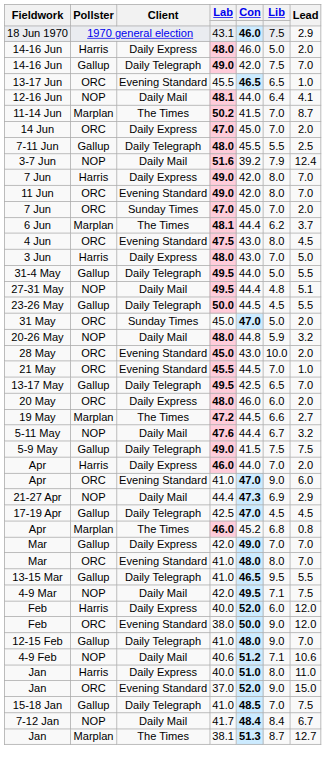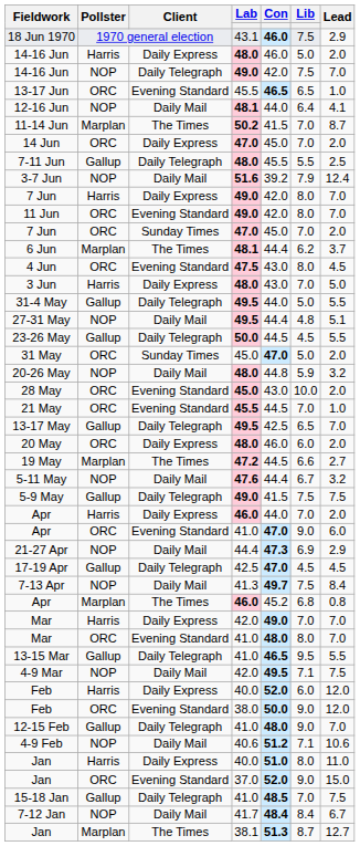 <table class="wikitable sortable mw-datatable" style="text-align: center; line-height: 14px; font-size: 90%;">
 <tr>
 <th rowspan="2">Fieldwork</th>
 <th rowspan="2">Pollster</th>
 <th rowspan="2">Client</th>
 <th><a href='#'>Lab</a></th>
 <th><a href='#'>Con</a></th>
 <th><a href='#'>Lib</a></th>
 <th rowspan="2">Lead</th>
 </tr>
 <tr>
 <th style="background:"></th>
 <th style="background:"></th>
 <th style="background:"></th>
 </tr>
 <tr>
 <td style="background:#EAECF0;">18 Jun 1970</td>
 <td colspan="2" style="background:#EAECF0;"><a href='#'>1970 general election</a></td>
 <td style="background:#EAECF0;">43.1</td>
 <td style="background:#CCEBFF;"><strong>46.0</strong></td>
 <td style="background:#EAECF0;">7.5</td>
 <td style="background:">2.9</td>
 </tr>
 <tr>
 <td>14-16 Jun</td>
 <td>Harris</td>
 <td>Daily Express</td>
 <td style="background:#FFCCDA;"><strong>48.0</strong></td>
 <td>46.0</td>
 <td>5.0</td>
 <td style="background:">2.0</td>
 </tr>
 <tr>
 <td>14-16 Jun</td>
-<td>Gallup</td>
+<td>NOP</td>
 <td>Daily Telegraph</td>
 <td style="background:#FFCCDA;"><strong>49.0</strong></td>
 <td>42.0</td>
 <td>7.5</td>
 <td style="background:">7.0</td>
 </tr>
 <tr>
 <td>13-17 Jun</td>
 <td>ORC</td>
 <td>Evening Standard</td>
 <td>45.5</td>
 <td style="background:#CCEBFF;"><strong>46.5</strong></td>
 <td>6.5</td>
 <td style="background:">1.0</td>
 </tr>
 <tr>
 <td>12-16 Jun</td>
 <td>NOP</td>
 <td>Daily Mail</td>
 <td style="background:#FFCCDA;"><strong>48.1</strong></td>
 <td>44.0</td>
 <td>6.4</td>
 <td style="background:">4.1</td>
 </tr>
 <tr>
 <td>11-14 Jun</td>
 <td>Marplan</td>
 <td>The Times</td>
 <td style="background:#FFCCDA;"><strong>50.2</strong></td>
 <td>41.5</td>
 <td>7.0</td>
 <td style="background:">8.7</td>
 </tr>
 <tr>
 <td>14 Jun</td>
 <td>ORC</td>
 <td>Daily Express</td>
 <td style="background:#FFCCDA;"><strong>47.0</strong></td>
 <td>45.0</td>
 <td>7.0</td>
 <td style="background:">2.0</td>
 </tr>
 <tr>
 <td>7-11 Jun</td>
 <td>Gallup</td>
 <td>Daily Telegraph</td>
 <td style="background:#FFCCDA;"><strong>48.0</strong></td>
 <td>45.5</td>
 <td>5.5</td>
 <td style="background:">2.5</td>
 </tr>
 <tr>
 <td>3-7 Jun</td>
 <td>NOP</td>
 <td>Daily Mail</td>
 <td style="background:#FFCCDA;"><strong>51.6</strong></td>
 <td>39.2</td>
 <td>7.9</td>
 <td style="background:">12.4</td>
 </tr>
 <tr>
 <td>7 Jun</td>
 <td>Harris</td>
 <td>Daily Express</td>
 <td style="background:#FFCCDA;"><strong>49.0</strong></td>
 <td>42.0</td>
 <td>8.0</td>
 <td style="background:">7.0</td>
 </tr>
 <tr>
 <td>11 Jun</td>
 <td>ORC</td>
 <td>Evening Standard</td>
 <td style="background:#FFCCDA;"><strong>49.0</strong></td>
 <td>42.0</td>
 <td>8.0</td>
 <td style="background:">7.0</td>
 </tr>
 <tr>
 <td>7 Jun</td>
 <td>ORC</td>
 <td>Sunday Times</td>
 <td style="background:#FFCCDA;"><strong>47.0</strong></td>
 <td>45.0</td>
 <td>7.0</td>
 <td style="background:">2.0</td>
 </tr>
 <tr>
 <td>6 Jun</td>
 <td>Marplan</td>
 <td>The Times</td>
 <td style="background:#FFCCDA;"><strong>48.1</strong></td>
 <td>44.4</td>
 <td>6.2</td>
 <td style="background:">3.7</td>
 </tr>
 <tr>
 <td>4 Jun</td>
 <td>ORC</td>
 <td>Evening Standard</td>
 <td style="background:#FFCCDA;"><strong>47.5</strong></td>
 <td>43.0</td>
 <td>8.0</td>
 <td style="background:">4.5</td>
 </tr>
 <tr>
 <td>3 Jun</td>
 <td>Harris</td>
 <td>Daily Express</td>
 <td style="background:#FFCCDA;"><strong>48.0</strong></td>
 <td>43.0</td>
 <td>7.0</td>
 <td style="background:">5.0</td>
 </tr>
 <tr>
 <td>31-4 May</td>
 <td>Gallup</td>
 <td>Daily Telegraph</td>
 <td style="background:#FFCCDA;"><strong>49.5</strong></td>
 <td>44.0</td>
 <td>5.0</td>
 <td style="background:">5.5</td>
 </tr>
 <tr>
 <td>27-31 May</td>
 <td>NOP</td>
 <td>Daily Mail</td>
 <td style="background:#FFCCDA;"><strong>49.5</strong></td>
 <td>44.4</td>
 <td>4.8</td>
 <td style="background:">5.1</td>
 </tr>
 <tr>
 <td>23-26 May</td>
 <td>Gallup</td>
 <td>Daily Telegraph</td>
 <td style="background:#FFCCDA;"><strong>50.0</strong></td>
 <td>44.5</td>
 <td>4.5</td>
 <td style="background:">5.5</td>
 </tr>
 <tr>
 <td>31 May</td>
 <td>ORC</td>
 <td>Sunday Times</td>
 <td>45.0</td>
 <td style="background:#CCEBFF;"><strong>47.0</strong></td>
 <td>5.0</td>
 <td style="background:">2.0</td>
 </tr>
 <tr>
 <td>20-26 May</td>
 <td>NOP</td>
 <td>Daily Mail</td>
 <td style="background:#FFCCDA;"><strong>48.0</strong></td>
 <td>44.8</td>
 <td>5.9</td>
 <td style="background:">3.2</td>
 </tr>
 <tr>
 <td>28 May</td>
 <td>ORC</td>
 <td>Evening Standard</td>
 <td style="background:#FFCCDA;"><strong>45.0</strong></td>
 <td>43.0</td>
 <td>10.0</td>
 <td style="background:">2.0</td>
 </tr>
 <tr>
 <td>21 May</td>
 <td>ORC</td>
 <td>Evening Standard</td>
 <td style="background:#FFCCDA;"><strong>45.5</strong></td>
 <td>44.5</td>
 <td>7.0</td>
 <td style="background:">1.0</td>
 </tr>
 <tr>
 <td>13-17 May</td>
 <td>Gallup</td>
 <td>Daily Telegraph</td>
 <td style="background:#FFCCDA;"><strong>49.5</strong></td>
 <td>42.5</td>
 <td>6.5</td>
 <td style="background:">7.0</td>
 </tr>
 <tr>
 <td>20 May</td>
 <td>ORC</td>
 <td>Daily Express</td>
 <td style="background:#FFCCDA;"><strong>48.0</strong></td>
 <td>46.0</td>
 <td>6.0</td>
 <td style="background:">2.0</td>
 </tr>
 <tr>
 <td>19 May</td>
 <td>Marplan</td>
 <td>The Times</td>
 <td style="background:#FFCCDA;"><strong>47.2</strong></td>
 <td>44.5</td>
 <td>6.6</td>
 <td style="background:">2.7</td>
 </tr>
 <tr>
 <td>5-11 May</td>
 <td>NOP</td>
 <td>Daily Mail</td>
 <td style="background:#FFCCDA;"><strong>47.6</strong></td>
 <td>44.4</td>
 <td>6.7</td>
 <td style="background:">3.2</td>
 </tr>
 <tr>
 <td>5-9 May</td>
 <td>Gallup</td>
 <td>Daily Telegraph</td>
 <td style="background:#FFCCDA;"><strong>49.0</strong></td>
 <td>41.5</td>
 <td>7.5</td>
 <td style="background:">7.5</td>
 </tr>
 <tr>
 <td>Apr</td>
 <td>Harris</td>
 <td>Daily Express</td>
 <td style="background:#FFCCDA;"><strong>46.0</strong></td>
 <td>44.0</td>
 <td>7.0</td>
 <td style="background:">2.0</td>
 </tr>
 <tr>
 <td>Apr</td>
 <td>ORC</td>
 <td>Evening Standard</td>
 <td>41.0</td>
 <td style="background:#CCEBFF;"><strong>47.0</strong></td>
 <td>9.0</td>
 <td style="background:">6.0</td>
 </tr>
 <tr>
 <td>21-27 Apr</td>
 <td>NOP</td>
 <td>Daily Mail</td>
 <td>44.4</td>
 <td style="background:#CCEBFF;"><strong>47.3</strong></td>
 <td>6.9</td>
 <td style="background:">2.9</td>
 </tr>
 <tr>
 <td>17-19 Apr</td>
 <td>Gallup</td>
 <td>Daily Telegraph</td>
 <td>42.5</td>
 <td style="background:#CCEBFF;"><strong>47.0</strong></td>
 <td>4.5</td>
 <td style="background:">4.5</td>
 </tr>
 <tr>
+<td>7-13 Apr</td>
+<td>NOP</td>
+<td>Daily Mail</td>
+<td>41.3</td>
+<td style="background:#CCEBFF;"><strong>49.7</strong></td>
+<td>7.5</td>
+<td style="background:">8.4</td>
+</tr>
+<tr>
 <td>Apr</td>
 <td>Marplan</td>
 <td>The Times</td>
 <td style="background:#FFCCDA;"><strong>46.0</strong></td>
 <td>45.2</td>
 <td>6.8</td>
 <td style="background:">0.8</td>
 </tr>
 <tr>
 <td>Mar</td>
-<td>Gallup</td>
+<td>Harris</td>
 <td>Daily Express</td>
 <td>42.0</td>
 <td style="background:#CCEBFF;"><strong>49.0</strong></td>
 <td>7.0</td>
 <td style="background:">7.0</td>
 </tr>
 <tr>
 <td>Mar</td>
 <td>ORC</td>
 <td>Evening Standard</td>
 <td>41.0</td>
 <td style="background:#CCEBFF;"><strong>48.0</strong></td>
 <td>8.0</td>
 <td style="background:">7.0</td>
 </tr>
 <tr>
 <td>13-15 Mar</td>
 <td>Gallup</td>
 <td>Daily Telegraph</td>
 <td>41.0</td>
 <td style="background:#CCEBFF;"><strong>46.5</strong></td>
 <td>9.5</td>
 <td style="background:">5.5</td>
 </tr>
 <tr>
 <td>4-9 Mar</td>
 <td>NOP</td>
 <td>Daily Mail</td>
 <td>42.0</td>
 <td style="background:#CCEBFF;"><strong>49.5</strong></td>
 <td>7.1</td>
 <td style="background:">7.5</td>
 </tr>
 <tr>
 <td>Feb</td>
 <td>Harris</td>
 <td>Daily Express</td>
 <td>40.0</td>
 <td style="background:#CCEBFF;"><strong>52.0</strong></td>
 <td>6.0</td>
 <td style="background:">12.0</td>
 </tr>
 <tr>
 <td>Feb</td>
 <td>ORC</td>
 <td>Evening Standard</td>
 <td>38.0</td>
 <td style="background:#CCEBFF;"><strong>50.0</strong></td>
 <td>9.0</td>
 <td style="background:">12.0</td>
 </tr>
 <tr>
 <td>12-15 Feb</td>
 <td>Gallup</td>
 <td>Daily Telegraph</td>
 <td>41.0</td>
 <td style="background:#CCEBFF;"><strong>48.0</strong></td>
 <td>9.0</td>
 <td style="background:">7.0</td>
 </tr>
 <tr>
 <td>4-9 Feb</td>
 <td>NOP</td>
 <td>Daily Mail</td>
 <td>40.6</td>
 <td style="background:#CCEBFF;"><strong>51.2</strong></td>
 <td>7.1</td>
 <td style="background:">10.6</td>
 </tr>
 <tr>
 <td>Jan</td>
 <td>Harris</td>
 <td>Daily Express</td>
 <td>40.0</td>
 <td style="background:#CCEBFF;"><strong>51.0</strong></td>
 <td>8.0</td>
 <td style="background:">11.0</td>
 </tr>
 <tr>
 <td>Jan</td>
 <td>ORC</td>
 <td>Evening Standard</td>
 <td>37.0</td>
 <td style="background:#CCEBFF;"><strong>52.0</strong></td>
 <td>9.0</td>
 <td style="background:">15.0</td>
 </tr>
 <tr>
 <td>15-18 Jan</td>
 <td>Gallup</td>
 <td>Daily Telegraph</td>
 <td>41.0</td>
 <td style="background:#CCEBFF;"><strong>48.5</strong></td>
 <td>7.0</td>
 <td style="background:">7.5</td>
 </tr>
 <tr>
 <td>7-12 Jan</td>
 <td>NOP</td>
 <td>Daily Mail</td>
 <td>41.7</td>
 <td style="background:#CCEBFF;"><strong>48.4</strong></td>
 <td>8.4</td>
 <td style="background:">6.7</td>
 </tr>
 <tr>
 <td>Jan</td>
 <td>Marplan</td>
 <td>The Times</td>
 <td>38.1</td>
 <td style="background:#CCEBFF;"><strong>51.3</strong></td>
 <td>8.7</td>
 <td style="background:">12.7</td>
 </tr>
 </table>
